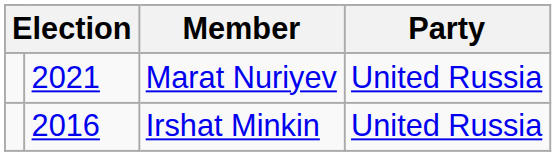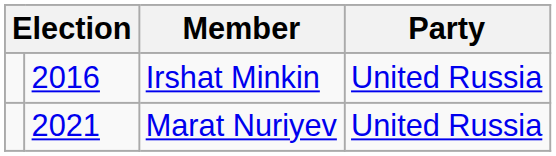 <table class="wikitable">
 <tr>
 <th colspan="2">Election</th>
 <th>Member</th>
 <th>Party</th>
 </tr>
 <tr>
 <td style="background-color: "></td>
+<td><a href='#'>2016</a></td>
+<td><a href='#'>Irshat Minkin</a></td>
+<td><a href='#'>United Russia</a></td>
+</tr>
+<tr>
+<td style="background-color: "></td>
 <td><a href='#'>2021</a></td>
 <td><a href='#'>Marat Nuriyev</a></td>
 <td><a href='#'>United Russia</a></td>
 </tr>
-<tr>
-<td style="background-color: "></td>
-<td><a href='#'>2016</a></td>
-<td><a href='#'>Irshat Minkin</a></td>
-<td><a href='#'>United Russia</a></td>
-</tr>
 </table>
